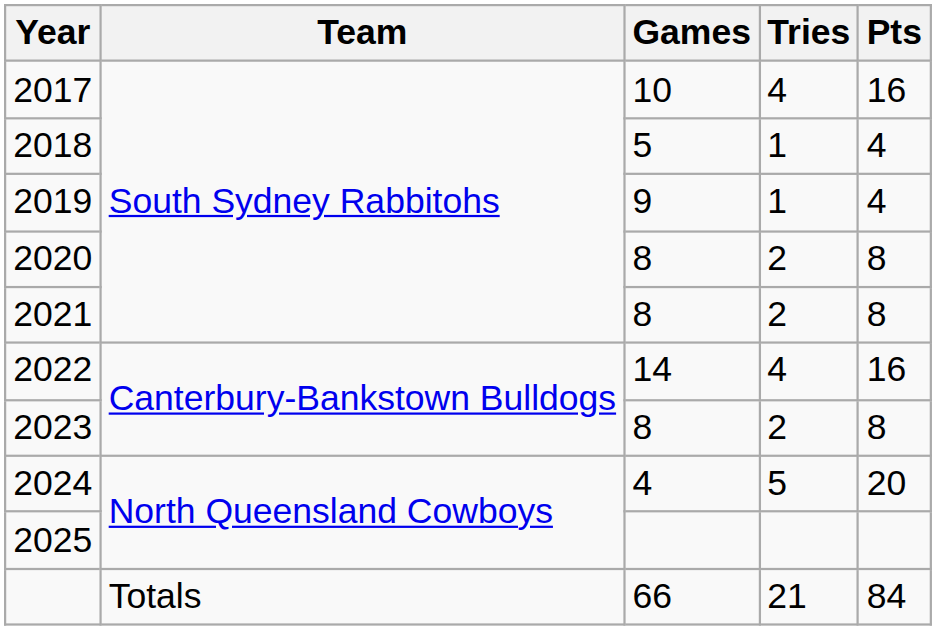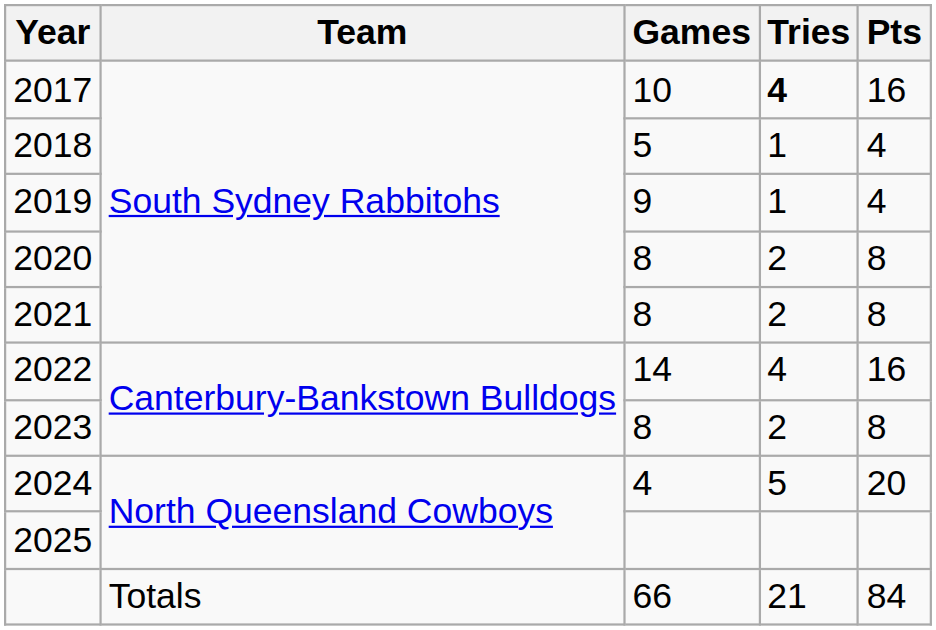 <table class="wikitable">
 <tr>
 <th>Year</th>
 <th>Team</th>
 <th>Games</th>
 <th>Tries</th>
 <th>Pts</th>
 </tr>
 <tr>
 <td>2017</td>
 <td rowspan="5"> <a href='#'>South Sydney Rabbitohs</a></td>
 <td>10</td>
-<td>4</td>
+<td><strong>4</strong></td>
 <td>16</td>
 </tr>
 <tr>
 <td>2018</td>
 <td>5</td>
 <td>1</td>
 <td>4</td>
 </tr>
 <tr>
 <td>2019</td>
 <td>9</td>
 <td>1</td>
 <td>4</td>
 </tr>
 <tr>
 <td>2020</td>
 <td>8</td>
 <td>2</td>
 <td>8</td>
 </tr>
 <tr>
 <td>2021</td>
 <td>8</td>
 <td>2</td>
 <td>8</td>
 </tr>
 <tr>
 <td>2022</td>
 <td rowspan="2"> <a href='#'>Canterbury-Bankstown Bulldogs</a></td>
 <td>14</td>
 <td>4</td>
 <td>16</td>
 </tr>
 <tr>
 <td>2023</td>
 <td>8</td>
 <td>2</td>
 <td>8</td>
 </tr>
 <tr>
 <td>2024</td>
 <td rowspan="2"> <a href='#'>North Queensland Cowboys</a></td>
 <td>4</td>
 <td>5</td>
 <td>20</td>
 </tr>
 <tr>
 <td>2025</td>
 <td></td>
 <td></td>
 <td></td>
 </tr>
 <tr>
 <td></td>
 <td>Totals</td>
 <td>66</td>
 <td>21</td>
 <td>84</td>
 </tr>
 </table>
